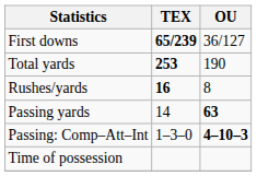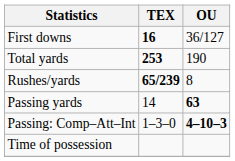 <table class="wikitable" style="float: left;">
 <tr>
 <th>Statistics</th>
 <th>TEX</th>
 <th>OU</th>
 </tr>
 <tr>
 <td>First downs</td>
-<td><strong>65/239</strong></td>
+<td><strong>16</strong></td>
 <td>36/127</td>
 </tr>
 <tr>
 <td>Total yards</td>
 <td><strong>253</strong></td>
 <td>190</td>
 </tr>
 <tr>
 <td>Rushes/yards</td>
-<td><strong>16</strong></td>
+<td><strong>65/239</strong></td>
 <td>8</td>
 </tr>
 <tr>
 <td>Passing yards</td>
 <td>14</td>
 <td><strong>63</strong></td>
 </tr>
 <tr>
 <td>Passing: Comp–Att–Int</td>
 <td>1–3–0</td>
 <td><strong>4–10–3</strong></td>
 </tr>
 <tr>
 <td>Time of possession</td>
 <td></td>
 <td></td>
 </tr>
 <tr>
 </tr>
 </table>
